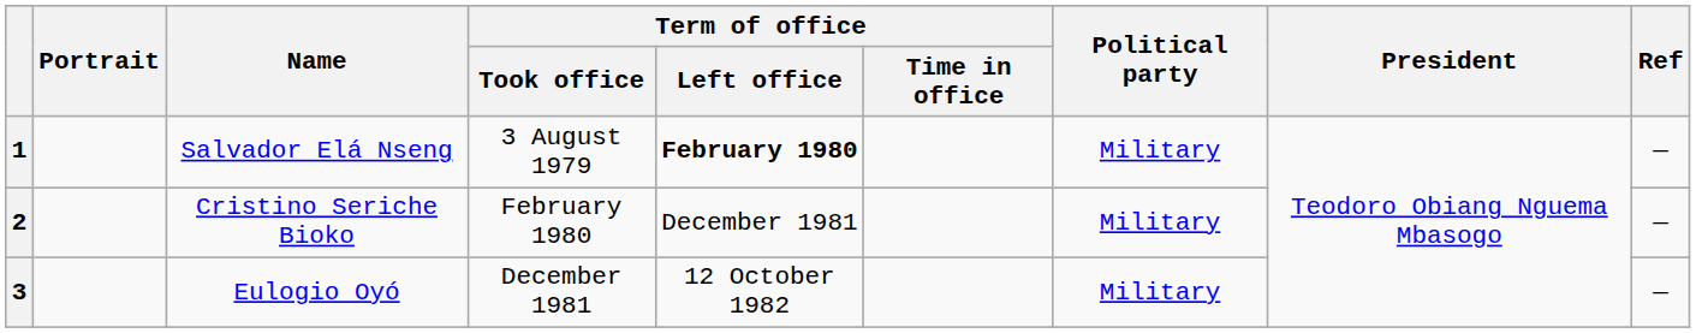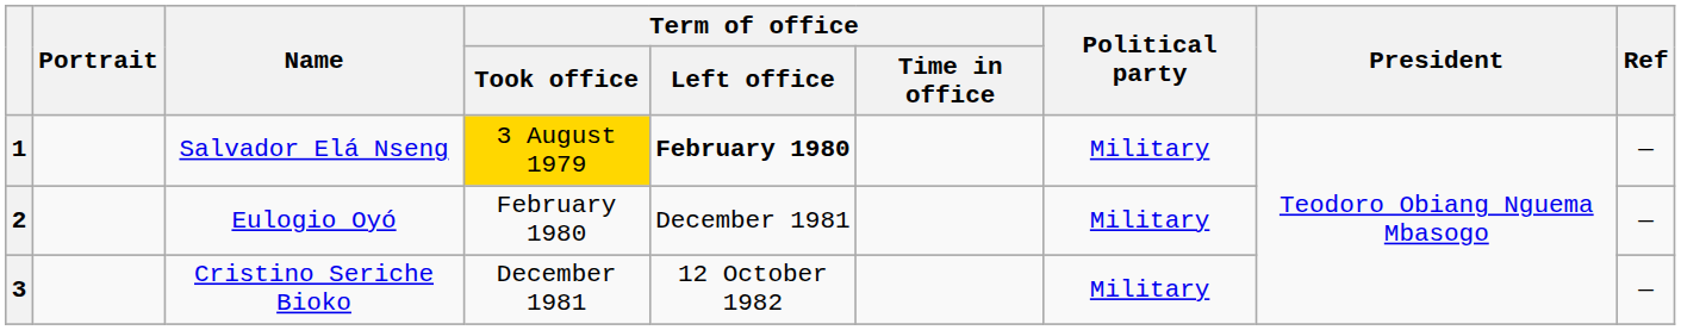 <table class="wikitable" style="text-align:center">
 <tr>
 <th rowspan="2"></th>
 <th rowspan="2">Portrait</th>
 <th rowspan="2" width="150">Name<br></th>
 <th colspan="3">Term of office</th>
 <th rowspan="2">Political party</th>
 <th rowspan="2">President</th>
 <th rowspan="2">Ref</th>
 </tr>
 <tr>
 <th>Took office</th>
 <th>Left office</th>
 <th>Time in office</th>
 </tr>
 <tr>
 <th style="background-color:">1</th>
 <td></td>
 <td><a href='#'>Salvador Elá Nseng</a><br></td>
-<td>3 August 1979</td>
+<td style="background: gold;">3 August 1979</td>
 <td><strong>February 1980</strong></td>
 <td></td>
 <td><a href='#'>Military</a></td>
 <td rowspan=3><a href='#'>Teodoro Obiang Nguema Mbasogo</a></td>
 <td>—</td>
 </tr>
 <tr>
 <th style="background-color:">2</th>
 <td></td>
-<td><a href='#'>Cristino Seriche Bioko</a><br></td>
+<td><a href='#'>Eulogio Oyó</a><br></td>
 <td>February 1980</td>
 <td>December 1981</td>
 <td></td>
 <td><a href='#'>Military</a></td>
 <td>—</td>
 </tr>
 <tr>
 <th style="background-color:">3</th>
 <td></td>
-<td><a href='#'>Eulogio Oyó</a><br></td>
+<td><a href='#'>Cristino Seriche Bioko</a><br></td>
 <td>December 1981</td>
 <td>12 October 1982</td>
 <td></td>
 <td><a href='#'>Military</a></td>
 <td>—</td>
 </tr>
 </table>
